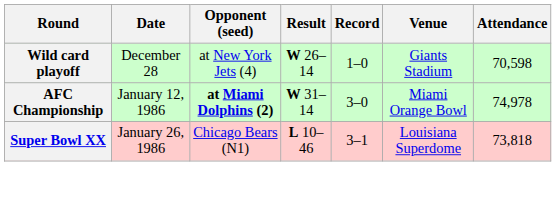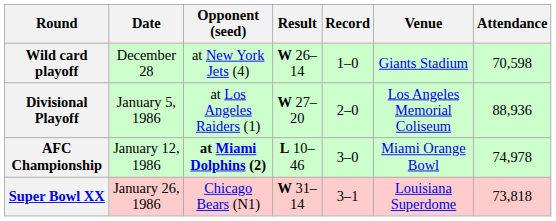 <table class="wikitable" style="text-align:center">
 <tr>
 <th>Round</th>
 <th>Date</th>
 <th>Opponent (seed)</th>
 <th>Result</th>
 <th>Record</th>
 <th>Venue</th>
 <th>Attendance</th>
 </tr>
 <tr style="background:#cfc">
 <th>Wild card playoff</th>
 <td>December 28</td>
 <td>at <a href='#'>New York Jets</a> (4)</td>
 <td><strong>W</strong> 26–14</td>
 <td>1–0</td>
 <td><a href='#'>Giants Stadium</a></td>
 <td>70,598</td>
 </tr>
 <tr style="background:#cfc">
+<th>Divisional Playoff</th>
+<td>January 5, 1986</td>
+<td>at <a href='#'>Los Angeles Raiders</a> (1)</td>
+<td><strong>W</strong> 27–20</td>
+<td>2–0</td>
+<td><a href='#'>Los Angeles Memorial Coliseum</a></td>
+<td>88,936</td>
+</tr>
+<tr style="background:#cfc">
 <th>AFC Championship</th>
 <td>January 12, 1986</td>
 <td><strong>at <a href='#'>Miami Dolphins</a> (2)</strong></td>
-<td><strong>W</strong> 31–14</td>
+<td><strong>L</strong> 10–46</td>
 <td>3–0</td>
 <td><a href='#'>Miami Orange Bowl</a></td>
 <td>74,978</td>
 </tr>
 <tr style="background:#fcc">
 <th><a href='#'>Super Bowl XX</a></th>
 <td>January 26, 1986</td>
 <td><a href='#'>Chicago Bears</a> (N1)</td>
-<td><strong>L</strong> 10–46</td>
+<td><strong>W</strong> 31–14</td>
 <td>3–1</td>
 <td><a href='#'>Louisiana Superdome</a></td>
 <td>73,818</td>
 </tr>
 </table>
